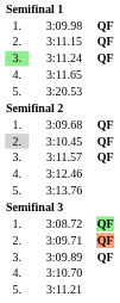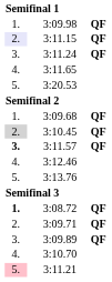 <table style="text-align:center">
 <tr>
 <td colspan=4 align=left><strong>Semifinal 1</strong></td>
 </tr>
 <tr>
 <td width=30>1.</td>
 <td align=left></td>
 <td width=80>3:09.98</td>
 <td><strong>QF</strong></td>
 </tr>
 <tr>
-<td>2.</td>
+<td style="background: lavender;">2.</td>
 <td align=left></td>
 <td>3:11.15</td>
 <td><strong>QF</strong></td>
 </tr>
 <tr>
-<td style="background: lightgreen;">3.</td>
+<td>3.</td>
 <td align=left></td>
 <td>3:11.24</td>
 <td><strong>QF</strong></td>
 </tr>
 <tr>
 <td>4.</td>
 <td align=left></td>
 <td>3:11.65</td>
 <td></td>
 </tr>
 <tr>
 <td>5.</td>
 <td align=left></td>
 <td>3:20.53</td>
 <td></td>
 </tr>
 <tr>
 <td colspan=4 align=left><strong>Semifinal 2</strong></td>
 </tr>
 <tr>
 <td>1.</td>
 <td align=left></td>
 <td>3:09.68</td>
 <td><strong>QF</strong></td>
 </tr>
 <tr>
 <td style="background: lightgrey;">2.</td>
 <td align=left></td>
 <td>3:10.45</td>
 <td><strong>QF</strong></td>
 </tr>
 <tr>
-<td>3.</td>
+<td><strong>3.</strong></td>
 <td align=left></td>
 <td>3:11.57</td>
 <td><strong>QF</strong></td>
 </tr>
 <tr>
 <td>4.</td>
 <td align=left></td>
 <td>3:12.46</td>
 <td></td>
 </tr>
 <tr>
 <td>5.</td>
 <td align=left></td>
 <td>3:13.76</td>
 <td></td>
 </tr>
 <tr>
 <td colspan=4 align=left><strong>Semifinal 3</strong></td>
 </tr>
 <tr>
-<td>1.</td>
+<td><strong>1.</strong></td>
 <td align=left></td>
 <td>3:08.72</td>
-<td style="background: lightgreen;"><strong>QF</strong></td>
+<td><strong>QF</strong></td>
 </tr>
 <tr>
 <td>2.</td>
 <td align=left></td>
 <td>3:09.71</td>
-<td style="background: lightsalmon;"><strong>QF</strong></td>
+<td><strong>QF</strong></td>
 </tr>
 <tr>
 <td>3.</td>
 <td align=left></td>
 <td>3:09.89</td>
 <td><strong>QF</strong></td>
 </tr>
 <tr>
 <td>4.</td>
 <td align=left></td>
 <td>3:10.70</td>
 <td></td>
 </tr>
 <tr>
-<td>5.</td>
+<td style="background: pink;">5.</td>
 <td align=left></td>
 <td>3:11.21</td>
 <td></td>
 </tr>
 </table>
